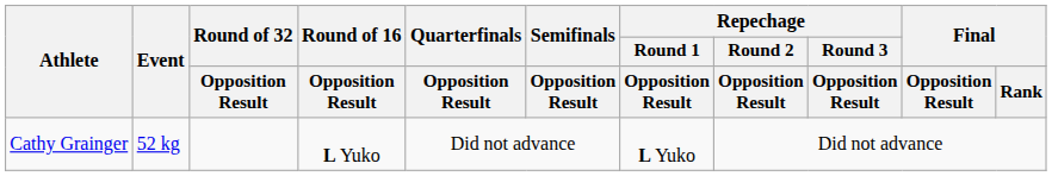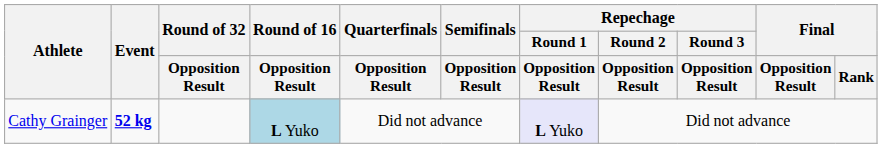 <table class="wikitable" style="font-size:90%">
 <tr>
 <th rowspan="3">Athlete</th>
 <th rowspan="3">Event</th>
 <th rowspan="2">Round of 32</th>
 <th rowspan="2">Round of 16</th>
 <th rowspan="2">Quarterfinals</th>
 <th rowspan="2">Semifinals</th>
 <th colspan=3>Repechage</th>
 <th rowspan="2" colspan=2>Final</th>
 </tr>
 <tr style="font-size:95%">
 <th>Round 1</th>
 <th>Round 2</th>
 <th>Round 3</th>
 </tr>
 <tr style="font-size:95%">
 <th>Opposition<br>Result</th>
 <th>Opposition<br>Result</th>
 <th>Opposition<br>Result</th>
 <th>Opposition<br>Result</th>
 <th>Opposition<br>Result</th>
 <th>Opposition<br>Result</th>
 <th>Opposition<br>Result</th>
 <th>Opposition<br>Result</th>
 <th>Rank</th>
 </tr>
 <tr align=center>
 <td align=left><a href='#'>Cathy Grainger</a></td>
-<td align=left><a href='#'>52 kg</a></td>
+<td align=left><strong><a href='#'>52 kg</a></strong></td>
 <td></td>
-<td><br><strong>L</strong> Yuko</td>
+<td style="background: lightblue;"><br><strong>L</strong> Yuko</td>
 <td colspan=2>Did not advance</td>
-<td><br><strong>L</strong> Yuko</td>
+<td style="background: lavender;"><br><strong>L</strong> Yuko</td>
 <td colspan=4>Did not advance</td>
 </tr>
 </table>
